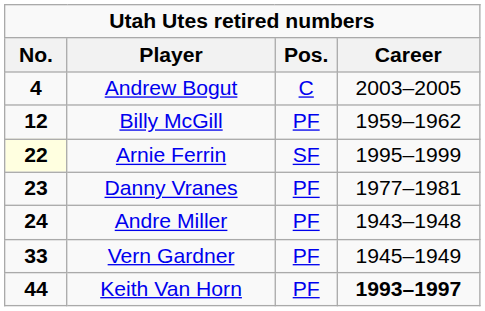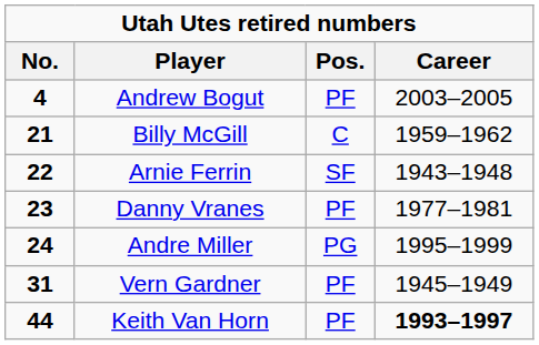 <table class="wikitable sortable" style="text-align:center">
 <tr>
 <td colspan="5"><strong>Utah Utes retired numbers</strong></td>
 </tr>
 <tr>
 <th width=40px>No.</th>
 <th width=150px>Player</th>
 <th width=40px>Pos.</th>
 <th width=100px>Career</th>
 </tr>
 <tr>
 <td><strong>4</strong></td>
 <td><a href='#'>Andrew Bogut</a></td>
-<td><a href='#'>C</a></td>
+<td><a href='#'>PF</a></td>
 <td>2003–2005</td>
 </tr>
 <tr>
-<td><strong>12</strong></td>
+<td><strong>21</strong></td>
 <td><a href='#'>Billy McGill</a></td>
-<td><a href='#'>PF</a></td>
+<td><a href='#'>C</a></td>
 <td>1959–1962</td>
 </tr>
 <tr>
-<td style="background: lightyellow;"><strong>22</strong></td>
+<td><strong>22</strong></td>
 <td><a href='#'>Arnie Ferrin</a></td>
 <td><a href='#'>SF</a></td>
-<td>1995–1999</td>
+<td>1943–1948</td>
 </tr>
 <tr>
 <td><strong>23</strong></td>
 <td><a href='#'>Danny Vranes</a></td>
 <td><a href='#'>PF</a></td>
 <td>1977–1981</td>
 </tr>
 <tr>
 <td><strong>24</strong></td>
 <td><a href='#'>Andre Miller</a></td>
-<td><a href='#'>PF</a></td>
-<td>1943–1948</td>
+<td><a href='#'>PG</a></td>
+<td>1995–1999</td>
 </tr>
 <tr>
-<td><strong>33</strong></td>
+<td><strong>31</strong></td>
 <td><a href='#'>Vern Gardner</a></td>
 <td><a href='#'>PF</a></td>
 <td>1945–1949</td>
 </tr>
 <tr>
 <td><strong>44</strong></td>
 <td><a href='#'>Keith Van Horn</a></td>
 <td><a href='#'>PF</a></td>
 <td><strong>1993–1997</strong></td>
 </tr>
 </table>
